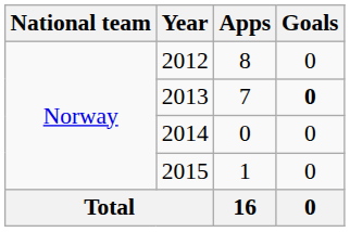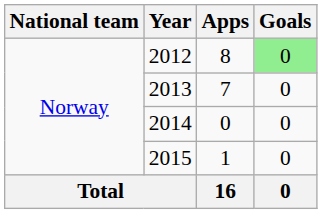 <table class="wikitable" style="text-align:center">
 <tr>
 <th>National team</th>
 <th>Year</th>
 <th>Apps</th>
 <th>Goals</th>
 </tr>
 <tr>
 <td rowspan="4"><a href='#'>Norway</a></td>
 <td>2012</td>
 <td>8</td>
-<td>0</td>
+<td style="background: lightgreen;">0</td>
 </tr>
 <tr>
 <td>2013</td>
 <td>7</td>
-<td><strong>0</strong></td>
+<td>0</td>
 </tr>
 <tr>
 <td>2014</td>
 <td>0</td>
 <td>0</td>
 </tr>
 <tr>
 <td>2015</td>
 <td>1</td>
 <td>0</td>
 </tr>
 <tr>
 <th colspan="2">Total</th>
 <th>16</th>
 <th>0</th>
 </tr>
 </table>
